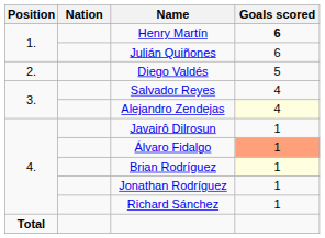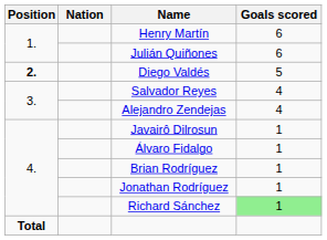 <table class="wikitable" style="font-size: 95%; text-align: center;">
 <tr>
 <th width="60">Position</th>
 <th width="60">Nation</th>
 <th width="150">Name</th>
 <th width="100">Goals scored</th>
 </tr>
 <tr>
 <td rowspan= "2">1.</td>
 <td></td>
 <td><a href='#'>Henry Martín</a></td>
-<td><strong>6</strong></td>
+<td>6</td>
 </tr>
 <tr>
 <td></td>
 <td><a href='#'>Julián Quiñones</a></td>
 <td>6</td>
 </tr>
 <tr>
-<td>2.</td>
+<td><strong>2.</strong></td>
 <td></td>
 <td><a href='#'>Diego Valdés</a></td>
 <td>5</td>
 </tr>
 <tr>
 <td rowspan="2">3.</td>
 <td></td>
 <td><a href='#'>Salvador Reyes</a></td>
 <td>4</td>
 </tr>
 <tr>
 <td></td>
 <td><a href='#'>Alejandro Zendejas</a></td>
-<td style="background: lightyellow;">4</td>
+<td>4</td>
 </tr>
 <tr>
 <td rowspan="5">4.</td>
 <td></td>
 <td><a href='#'>Javairô Dilrosun</a></td>
 <td>1</td>
 </tr>
 <tr>
 <td></td>
 <td><a href='#'>Álvaro Fidalgo</a></td>
-<td style="background: lightsalmon;">1</td>
+<td>1</td>
 </tr>
 <tr>
 <td></td>
 <td><a href='#'>Brian Rodríguez</a></td>
-<td style="background: lightyellow;">1</td>
+<td>1</td>
 </tr>
 <tr>
 <td></td>
 <td><a href='#'>Jonathan Rodríguez</a></td>
 <td>1</td>
 </tr>
 <tr>
 <td></td>
 <td><a href='#'>Richard Sánchez</a></td>
-<td>1</td>
+<td style="background: lightgreen;">1</td>
 </tr>
 <tr>
 <td><strong>Total</strong></td>
 <td></td>
 <td></td>
 <td></td>
 </tr>
 </table>
